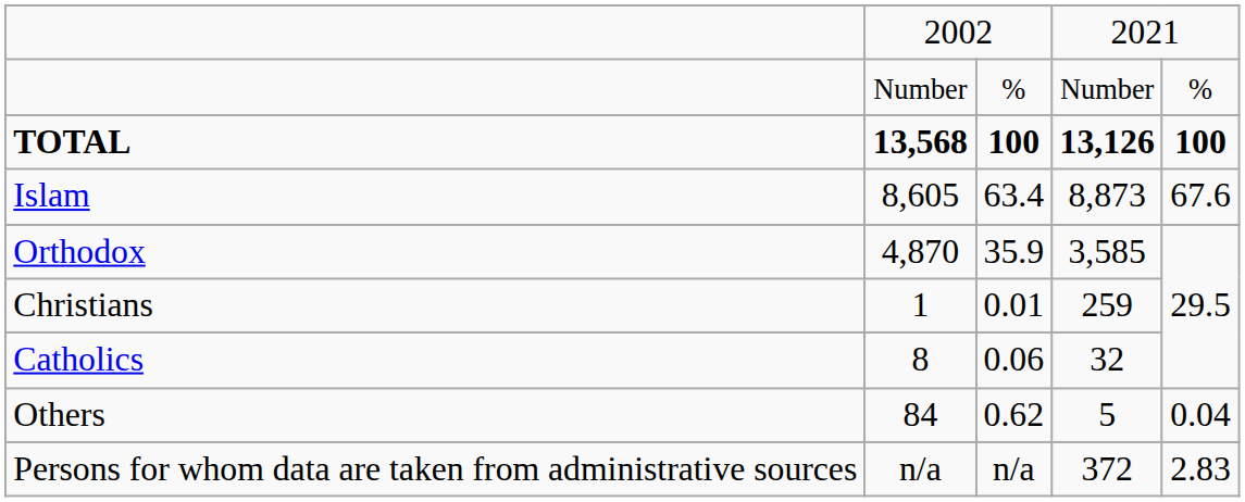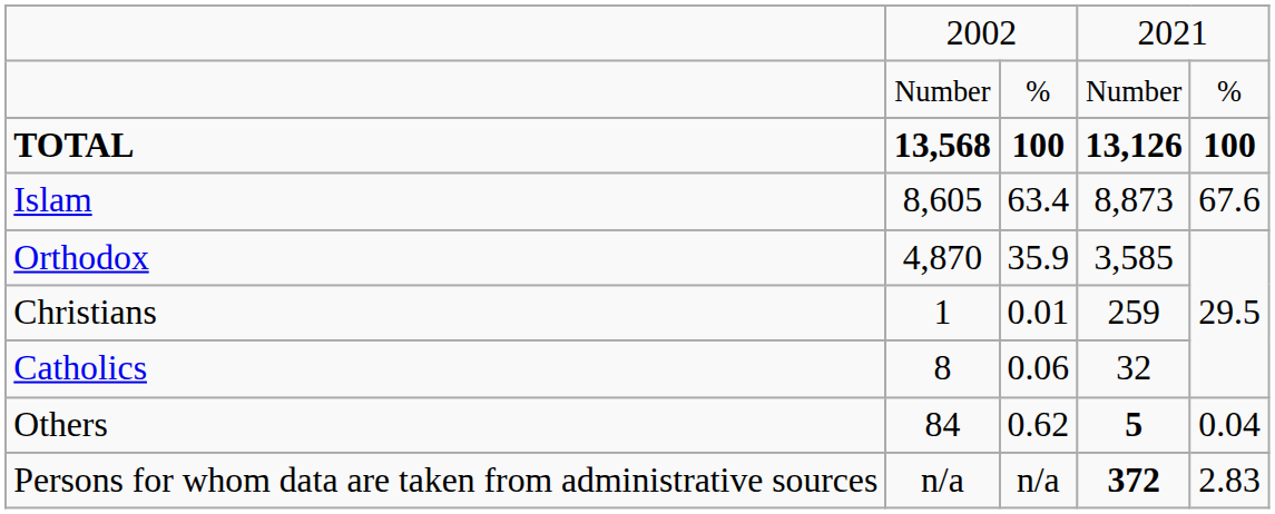 <table class="wikitable">
 <tr>
 <td></td>
 <td colspan="2" align="center">2002</td>
 <td colspan="2" align="center">2021</td>
 </tr>
 <tr>
 <td></td>
 <td align="center"><small>Number</small></td>
 <td align="center"><small>%</small></td>
 <td align="center"><small>Number</small></td>
 <td align="center"><small>%</small></td>
 </tr>
 <tr>
 <td><strong>TOTAL</strong></td>
 <td align="center"><strong>13,568</strong></td>
 <td align="center"><strong>100</strong></td>
 <td align="center"><strong>13,126</strong></td>
 <td align="center"><strong>100</strong></td>
 </tr>
 <tr>
 <td><a href='#'>Islam</a></td>
 <td align="center">8,605</td>
 <td align="center">63.4</td>
 <td align="center">8,873</td>
 <td align="center">67.6</td>
 </tr>
 <tr>
 <td><a href='#'>Orthodox</a></td>
 <td align="center">4,870</td>
 <td align="center">35.9</td>
 <td align="center">3,585</td>
 <td rowspan="3" align="center">29.5</td>
 </tr>
 <tr>
 <td>Christians</td>
 <td align="center">1</td>
 <td align="center">0.01</td>
 <td align="center">259</td>
 </tr>
 <tr>
 <td><a href='#'>Catholics</a></td>
 <td align="center">8</td>
 <td align="center">0.06</td>
 <td align="center">32</td>
 </tr>
 <tr>
 <td>Others</td>
 <td align="center">84</td>
 <td align="center">0.62</td>
-<td align="center">5</td>
+<td align="center"><strong>5</strong></td>
 <td align="center">0.04</td>
 </tr>
 <tr>
 <td>Persons for whom data are taken from administrative sources</td>
 <td align="center">n/a</td>
 <td align="center">n/a</td>
-<td align="center">372</td>
+<td align="center"><strong>372</strong></td>
 <td align="center">2.83</td>
 </tr>
 </table>
